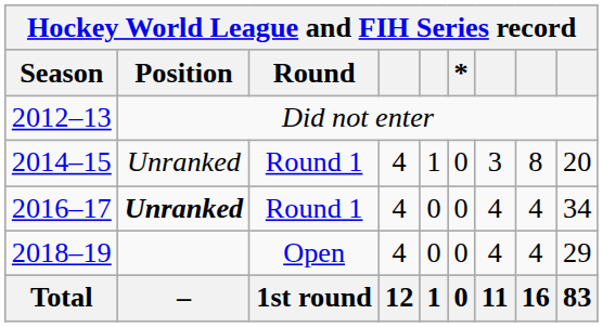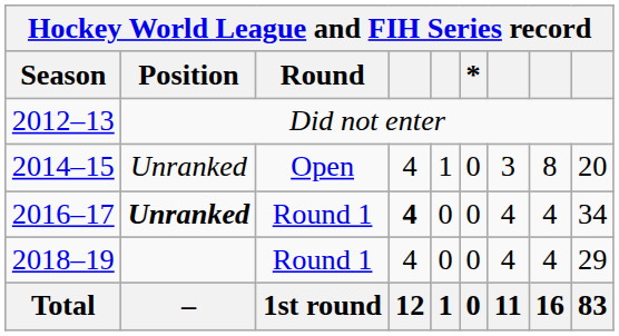 <table class="wikitable" style="text-align: center;">
 <tr>
 <th colspan=9><a href='#'>Hockey World League</a> and <a href='#'>FIH Series</a> record</th>
 </tr>
 <tr>
 <th>Season</th>
 <th>Position</th>
 <th>Round</th>
 <th></th>
 <th></th>
 <th> *</th>
 <th></th>
 <th></th>
 <th></th>
 </tr>
 <tr>
 <td><a href='#'>2012–13</a></td>
 <td colspan=8><em>Did not enter</em></td>
 </tr>
 <tr>
 <td><a href='#'>2014–15</a></td>
 <td><em>Unranked</em></td>
-<td><a href='#'>Round 1</a></td>
+<td><a href='#'>Open</a></td>
 <td>4</td>
 <td>1</td>
 <td>0</td>
 <td>3</td>
 <td>8</td>
 <td>20</td>
 </tr>
 <tr>
 <td><a href='#'>2016–17</a></td>
 <td><strong><em>Unranked</em></strong></td>
 <td><a href='#'>Round 1</a></td>
-<td>4</td>
+<td><strong>4</strong></td>
 <td>0</td>
 <td>0</td>
 <td>4</td>
 <td>4</td>
 <td>34</td>
 </tr>
 <tr>
 <td><a href='#'>2018–19</a></td>
 <td></td>
-<td><a href='#'>Open</a></td>
+<td><a href='#'>Round 1</a></td>
 <td>4</td>
 <td>0</td>
 <td>0</td>
 <td>4</td>
 <td>4</td>
 <td>29</td>
 </tr>
 <tr>
 <th>Total</th>
 <th>–</th>
 <th>1st round</th>
 <th>12</th>
 <th>1</th>
 <th>0</th>
 <th>11</th>
 <th>16</th>
 <th>83</th>
 </tr>
 </table>
